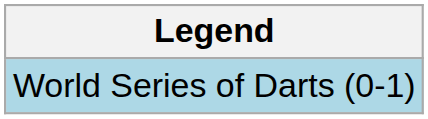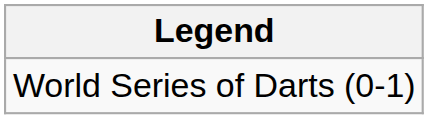 <table class="wikitable">
 <tr>
 <th>Legend</th>
 </tr>
 <tr>
-<td style="background: lightblue;">World Series of Darts (0-1)</td>
+<td>World Series of Darts (0-1)</td>
 </tr>
 </table>
